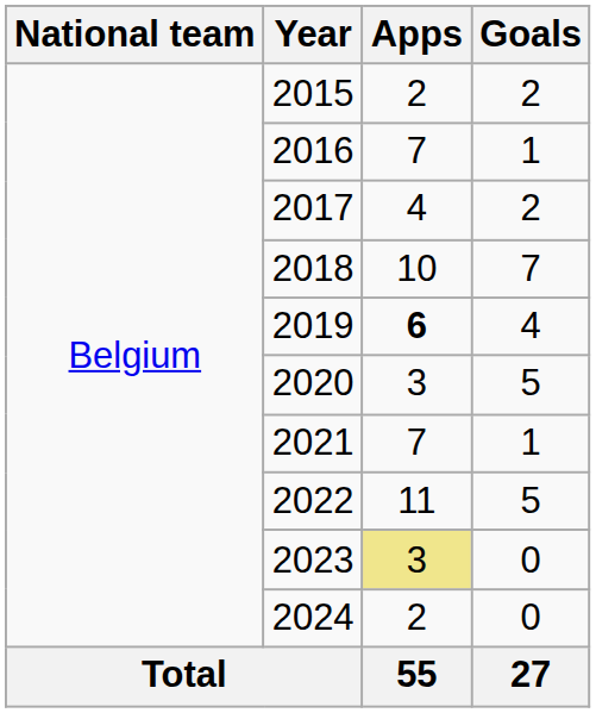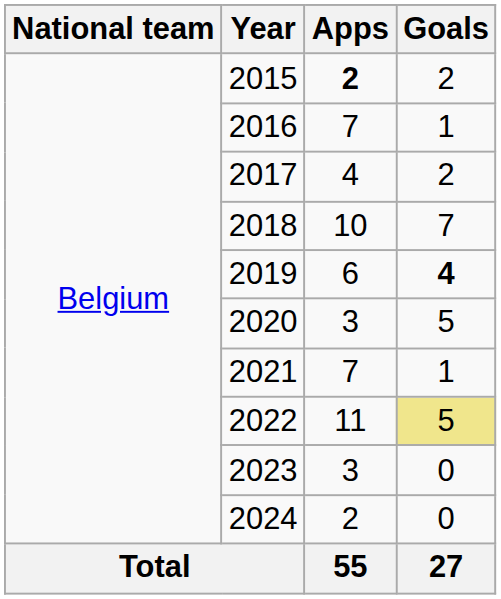 <table class="wikitable" style="text-align: center;">
 <tr>
 <th>National team</th>
 <th>Year</th>
 <th>Apps</th>
 <th>Goals</th>
 </tr>
 <tr>
 <td rowspan="10"><a href='#'>Belgium</a></td>
 <td>2015</td>
-<td>2</td>
+<td><strong>2</strong></td>
 <td>2</td>
 </tr>
 <tr>
 <td>2016</td>
 <td>7</td>
 <td>1</td>
 </tr>
 <tr>
 <td>2017</td>
 <td>4</td>
 <td>2</td>
 </tr>
 <tr>
 <td>2018</td>
 <td>10</td>
 <td>7</td>
 </tr>
 <tr>
 <td>2019</td>
-<td><strong>6</strong></td>
-<td>4</td>
+<td>6</td>
+<td><strong>4</strong></td>
 </tr>
 <tr>
 <td>2020</td>
 <td>3</td>
 <td>5</td>
 </tr>
 <tr>
 <td>2021</td>
 <td>7</td>
 <td>1</td>
 </tr>
 <tr>
 <td>2022</td>
 <td>11</td>
-<td>5</td>
+<td style="background: khaki;">5</td>
 </tr>
 <tr>
 <td>2023</td>
-<td style="background: khaki;">3</td>
+<td>3</td>
 <td>0</td>
 </tr>
 <tr>
 <td>2024</td>
 <td>2</td>
 <td>0</td>
 </tr>
 <tr>
 <th colspan="2">Total</th>
 <th>55</th>
 <th>27</th>
 </tr>
 </table>
